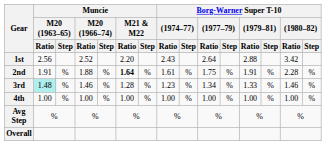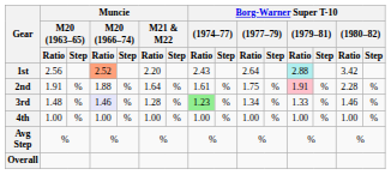 <table class="wikitable floatright" style="text-align:center;font-size:80%;width:38em;">
 <tr>
 <th rowspan=3>Gear</th>
 <th colspan=6>Muncie</th>
 <th colspan=8><a href='#'>Borg-Warner</a> Super T-10</th>
 </tr>
 <tr>
 <th colspan=2>M20<br>(1963–65)</th>
 <th colspan=2>M20<br>(1966–74)</th>
 <th colspan=2>M21 & M22</th>
 <th colspan=2>(1974–77)</th>
 <th colspan=2>(1977–79)</th>
 <th colspan=2>(1979–81)</th>
 <th colspan=2>(1980–82)</th>
 </tr>
 <tr>
 <th>Ratio</th>
 <th>Step</th>
 <th>Ratio</th>
 <th>Step</th>
 <th>Ratio</th>
 <th>Step</th>
 <th>Ratio</th>
 <th>Step</th>
 <th>Ratio</th>
 <th>Step</th>
 <th>Ratio</th>
 <th>Step</th>
 <th>Ratio</th>
 <th>Step</th>
 </tr>
 <tr>
 <th>1st</th>
 <td>2.56</td>
 <td></td>
-<td>2.52</td>
+<td style="background: lightsalmon;">2.52</td>
 <td></td>
 <td>2.20</td>
 <td></td>
 <td>2.43</td>
 <td></td>
 <td>2.64</td>
 <td></td>
-<td>2.88</td>
+<td style="background: paleturquoise;">2.88</td>
 <td></td>
 <td>3.42</td>
 <td></td>
 </tr>
 <tr>
 <th>2nd</th>
 <td>1.91</td>
 <td>%</td>
 <td>1.88</td>
 <td>%</td>
-<td><strong>1.64</strong></td>
+<td>1.64</td>
 <td>%</td>
 <td>1.61</td>
 <td>%</td>
 <td>1.75</td>
 <td>%</td>
-<td>1.91</td>
+<td style="background: pink;">1.91</td>
 <td>%</td>
 <td>2.28</td>
 <td>%</td>
 </tr>
 <tr>
 <th>3rd</th>
-<td style="background: paleturquoise;">1.48</td>
+<td>1.48</td>
 <td>%</td>
-<td>1.46</td>
+<td style="background: lavender;">1.46</td>
 <td>%</td>
 <td>1.28</td>
 <td>%</td>
-<td>1.23</td>
+<td style="background: lightgreen;">1.23</td>
 <td>%</td>
 <td>1.34</td>
 <td>%</td>
 <td>1.33</td>
 <td>%</td>
 <td>1.46</td>
 <td>%</td>
 </tr>
 <tr>
 <th>4th</th>
 <td>1.00</td>
 <td>%</td>
 <td>1.00</td>
 <td>%</td>
 <td>1.00</td>
 <td>%</td>
 <td>1.00</td>
 <td>%</td>
 <td>1.00</td>
 <td>%</td>
 <td>1.00</td>
 <td>%</td>
 <td>1.00</td>
 <td>%</td>
 </tr>
 <tr>
 <th>Avg Step</th>
 <td colspan=2>%</td>
 <td colspan=2>%</td>
 <td colspan=2>%</td>
 <td colspan=2>%</td>
 <td colspan=2>%</td>
 <td colspan=2>%</td>
 <td colspan=2>%</td>
 </tr>
 <tr>
 <th>Overall</th>
 <td colspan=2></td>
 <td colspan=2></td>
 <td colspan=2></td>
 <td colspan=2></td>
 <td colspan=2></td>
 <td colspan=2></td>
 <td colspan=2></td>
 </tr>
 </table>
